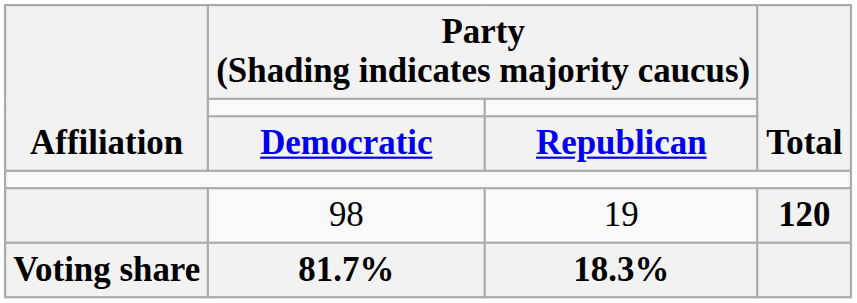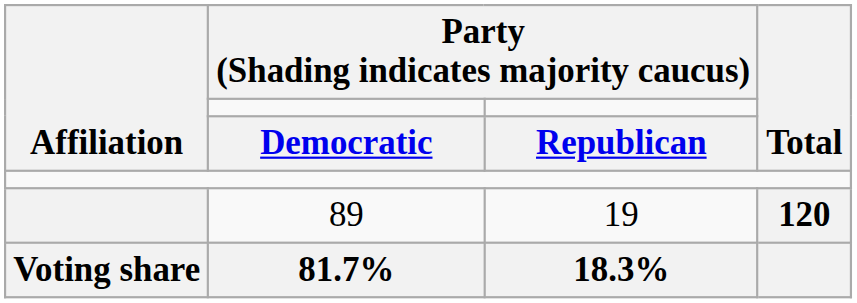 <table class=wikitable style="text-align:center">
 <tr style="vertical-align:bottom;">
 <th rowspan=3>Affiliation</th>
 <th colspan=2>Party <div>(Shading indicates majority caucus)</div></th>
 <th rowspan=3>Total</th>
 </tr>
 <tr style="height:5px">
 <td style="background-color:"></td>
 <td style="background-color:"></td>
 </tr>
 <tr>
 <th><a href='#'>Democratic</a></th>
 <th><a href='#'>Republican</a></th>
 </tr>
 <tr>
 <td colspan=5></td>
 </tr>
 <tr>
 <th nowrap style="font-size:80%"></th>
-<td>98</td>
+<td>89</td>
 <td>19</td>
 <th>120</th>
 </tr>
 <tr>
 <th>Voting share</th>
 <th>81.7%</th>
 <th>18.3%</th>
 <th colspan=2></th>
 </tr>
 </table>
